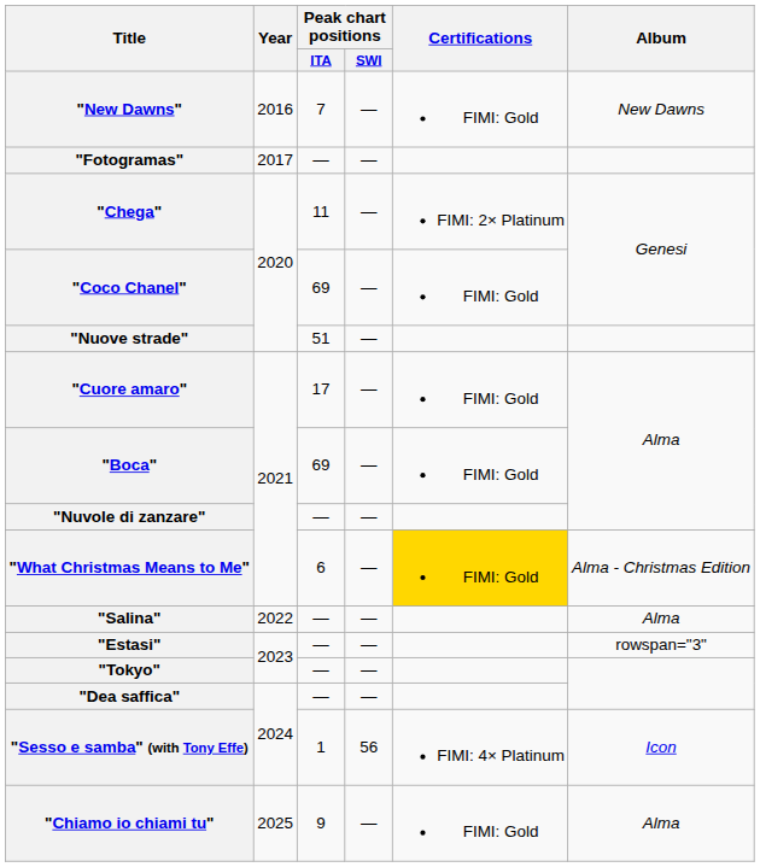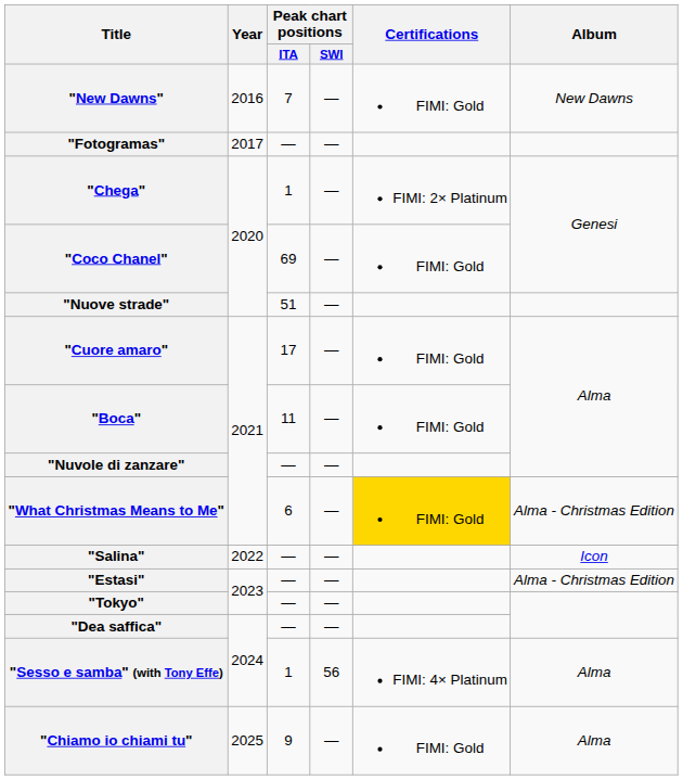 <table class="wikitable plainrowheaders" style="text-align:center;">
 <tr>
 <th scope="col" rowspan="2">Title</th>
 <th scope="col" rowspan="2">Year</th>
 <th scope="col" colspan="2">Peak chart positions</th>
 <th scope="col" rowspan="2"><a href='#'>Certifications</a></th>
 <th scope="col" rowspan="2">Album</th>
 </tr>
 <tr>
 <th scope="col" style="width:3em;font-size:85%;"><a href='#'>ITA</a><br></th>
 <th scope="col" style="width:3em;font-size:85%;"><a href='#'>SWI</a><br></th>
 </tr>
 <tr>
 <th scope="row">"<a href='#'>New Dawns</a>"</th>
 <td>2016</td>
 <td>7</td>
 <td>—</td>
 <td><br><ul><li>FIMI: Gold</li></ul></td>
 <td rowspan="1"><em>New Dawns</em></td>
 </tr>
 <tr>
 <th scope="row">"Fotogramas"</th>
 <td>2017</td>
 <td>—</td>
 <td>—</td>
 <td></td>
 <td></td>
 </tr>
 <tr>
 <th scope="row">"<a href='#'>Chega</a>"</th>
 <td rowspan="3">2020</td>
-<td>11</td>
+<td>1</td>
 <td>—</td>
 <td><br><ul><li>FIMI: 2× Platinum</li></ul></td>
 <td rowspan="2"><em>Genesi</em></td>
 </tr>
 <tr>
 <th scope="row">"<a href='#'>Coco Chanel</a>"</th>
 <td>69</td>
 <td>—</td>
 <td><br><ul><li>FIMI: Gold</li></ul></td>
 </tr>
 <tr>
 <th scope="row">"Nuove strade" </th>
 <td>51</td>
 <td>—</td>
 <td></td>
 <td></td>
 </tr>
 <tr>
 <th scope="row">"<a href='#'>Cuore amaro</a>"</th>
 <td rowspan="4">2021</td>
 <td>17</td>
 <td>—</td>
 <td><br><ul><li>FIMI: Gold</li></ul></td>
 <td rowspan="3"><em>Alma</em></td>
 </tr>
 <tr>
 <th scope="row">"<a href='#'>Boca</a>" </th>
-<td>69</td>
+<td>11</td>
 <td>—</td>
 <td><br><ul><li>FIMI: Gold</li></ul></td>
 </tr>
 <tr>
 <th scope="row">"Nuvole di zanzare"</th>
 <td>—</td>
 <td>—</td>
 <td></td>
 </tr>
 <tr>
 <th scope="row">"<a href='#'>What Christmas Means to Me</a>"</th>
 <td>6</td>
 <td>—</td>
 <td style="background: gold;"><br><ul><li>FIMI: Gold</li></ul></td>
 <td><em>Alma - Christmas Edition</em></td>
 </tr>
 <tr>
 <th scope="row">"Salina"</th>
 <td>2022</td>
 <td>—</td>
 <td>—</td>
 <td></td>
-<td><em>Alma</em></td>
+<td><em><a href='#'>Icon</a></em></td>
 </tr>
 <tr>
 <th scope="row">"Estasi"</th>
 <td rowspan="2">2023</td>
 <td>—</td>
 <td>—</td>
 <td></td>
-<td>rowspan="3"</td>
+<td><em>Alma - Christmas Edition</em></td>
 </tr>
 <tr>
 <th scope="row">"Tokyo"</th>
 <td>—</td>
 <td>—</td>
 <td></td>
 </tr>
 <tr>
 <th scope="row">"Dea saffica"</th>
 <td rowspan="2">2024</td>
 <td>—</td>
 <td>—</td>
 <td></td>
 </tr>
 <tr>
 <th scope="row">"<a href='#'>Sesso e samba</a>" <small>(with <a href='#'>Tony Effe</a>)</small></th>
 <td>1</td>
 <td>56</td>
 <td><br><ul><li>FIMI: 4× Platinum</li></ul></td>
-<td><em><a href='#'>Icon</a></em></td>
+<td><em>Alma</em></td>
 </tr>
 <tr>
 <th scope="row">"<a href='#'>Chiamo io chiami tu</a>"</th>
 <td>2025</td>
 <td>9</td>
 <td>—</td>
 <td><br><ul><li>FIMI: Gold</li></ul></td>
 <td><em>Alma</em></td>
 </tr>
 </table>
